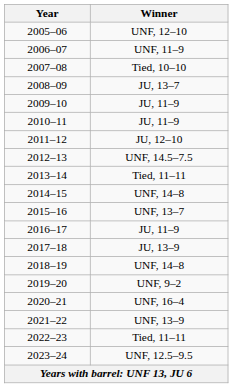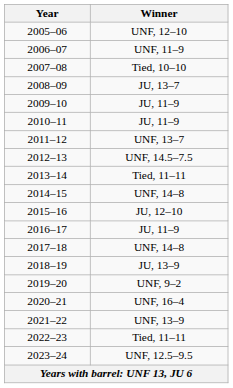 <table class="wikitable" style="width:25%;">
 <tr>
 <th>Year</th>
 <th>Winner</th>
 </tr>
 <tr style="text-align:center; ">
 <td>2005–06</td>
 <td>UNF, 12–10</td>
 </tr>
 <tr style="text-align:center; ">
 <td>2006–07</td>
 <td>UNF, 11–9</td>
 </tr>
 <tr style="text-align:center;">
 <td>2007–08</td>
 <td>Tied, 10–10</td>
 </tr>
 <tr style="text-align:center; ">
 <td>2008–09</td>
 <td>JU, 13–7</td>
 </tr>
 <tr style="text-align:center; ">
 <td>2009–10</td>
 <td>JU, 11–9</td>
 </tr>
 <tr style="text-align:center; ">
 <td>2010–11</td>
 <td>JU, 11–9</td>
 </tr>
 <tr style="text-align:center; ">
 <td>2011–12</td>
-<td>JU, 12–10</td>
+<td>UNF, 13–7</td>
 </tr>
 <tr style="text-align:center; ">
 <td>2012–13</td>
 <td>UNF, 14.5–7.5</td>
 </tr>
 <tr style="text-align:center;">
 <td>2013–14</td>
 <td>Tied, 11–11</td>
 </tr>
 <tr style="text-align:center; ">
 <td>2014–15</td>
 <td>UNF, 14–8</td>
 </tr>
 <tr style="text-align:center; ">
 <td>2015–16</td>
-<td>UNF, 13–7</td>
+<td>JU, 12–10</td>
 </tr>
 <tr style="text-align:center; ">
 <td>2016–17</td>
 <td>JU, 11–9</td>
 </tr>
 <tr style="text-align:center; ">
 <td>2017–18</td>
-<td>JU, 13–9</td>
+<td>UNF, 14–8</td>
 </tr>
 <tr style="text-align:center; ">
 <td>2018–19</td>
-<td>UNF, 14–8</td>
+<td>JU, 13–9</td>
 </tr>
 <tr style="text-align:center; ">
 <td>2019–20</td>
 <td>UNF, 9–2</td>
 </tr>
 <tr style="text-align:center; ">
 <td>2020–21</td>
 <td>UNF, 16–4</td>
 </tr>
 <tr style="text-align:center; ">
 <td>2021–22</td>
 <td>UNF, 13–9</td>
 </tr>
 <tr style="text-align:center;">
 <td>2022–23</td>
 <td>Tied, 11–11</td>
 </tr>
 <tr style="text-align:center; ">
 <td>2023–24</td>
 <td>UNF, 12.5–9.5</td>
 </tr>
 <tr>
 <th colspan=2><strong><em>Years with barrel: UNF 13, JU 6</em></strong></th>
 </tr>
 </table>
